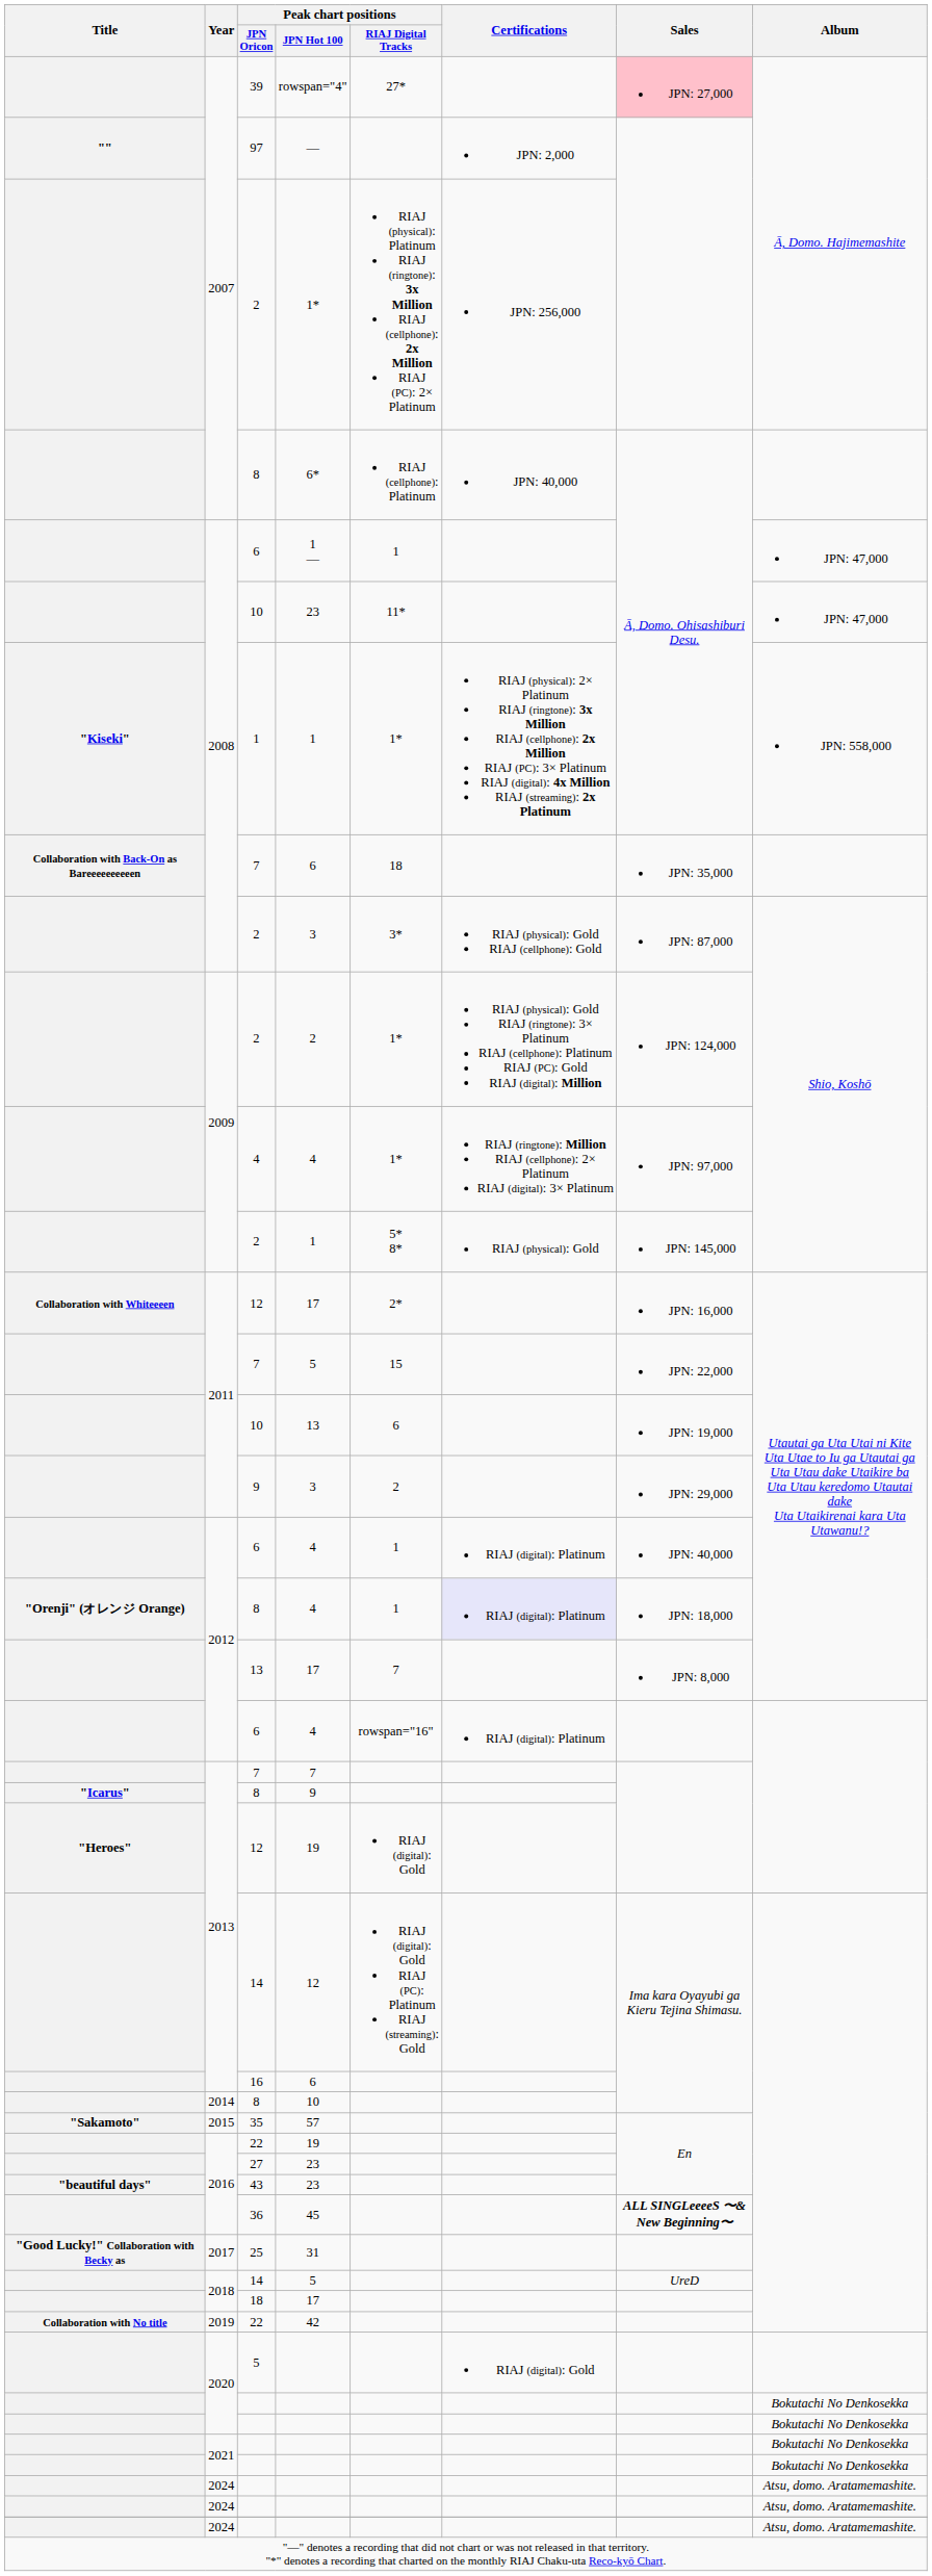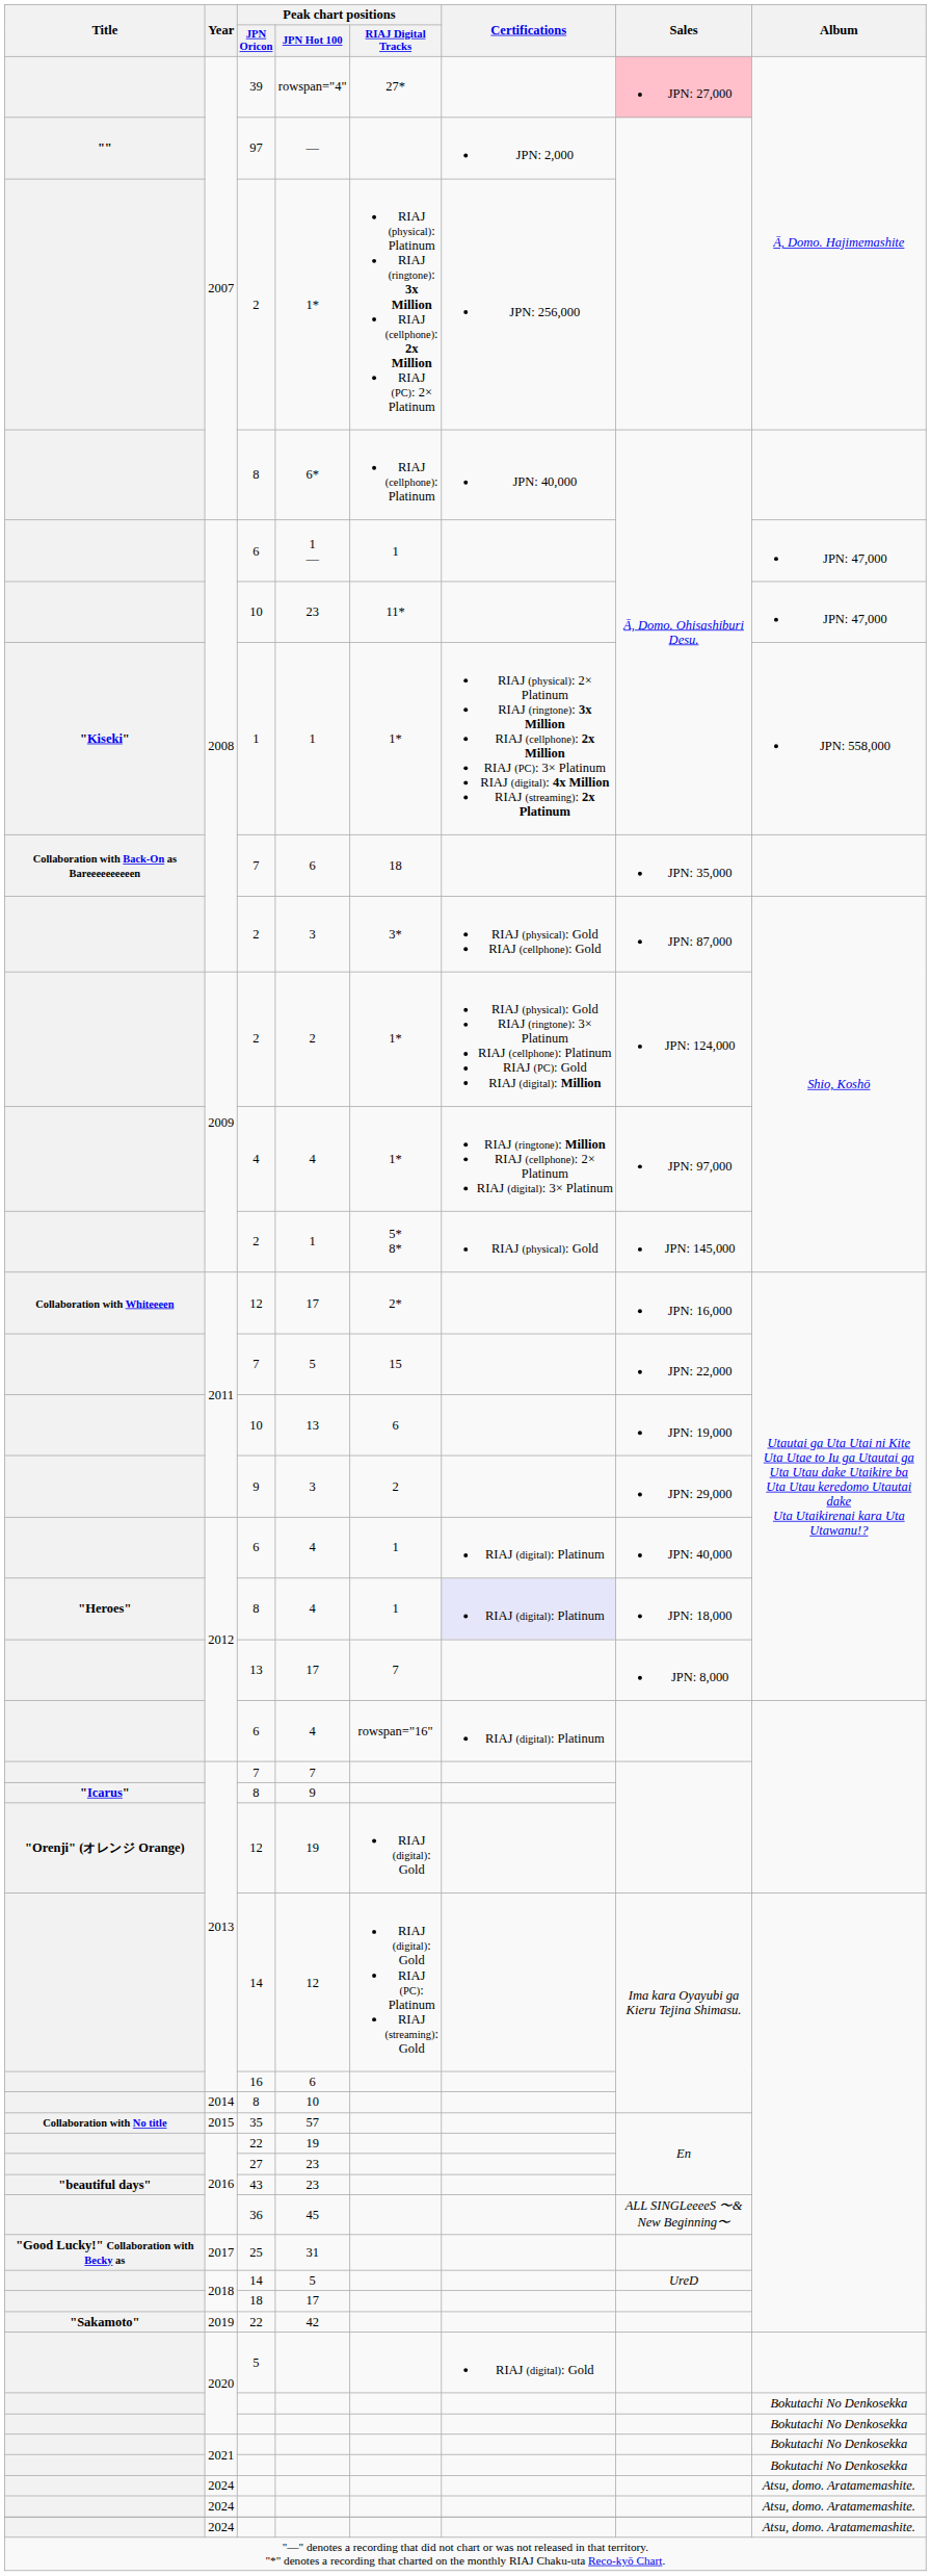 <table class="wikitable plainrowheaders" style="text-align: center;" border="1">
 <tr>
 <th scope="col" rowspan="2" style="width:15em;">Title</th>
 <th scope="col" rowspan="2" style="width:1em;">Year</th>
 <th scope="col" colspan="3">Peak chart positions</th>
 <th scope="col" rowspan="2" style="width:13em;"><a href='#'>Certifications</a><br></th>
 <th scope="col" rowspan="2" style="width:10em;">Sales <br></th>
 <th scope="col" rowspan="2" style="width:13em;">Album</th>
 </tr>
 <tr>
 <th scope="col" style="width:3em;font-size:85%;"><a href='#'>JPN Oricon</a> <br></th>
 <th scope="col" style="width:3em;font-size:85%;"><a href='#'>JPN Hot 100</a>  <br></th>
 <th scope="col" style="width:3em;font-size:85%;"><a href='#'>RIAJ Digital Tracks</a> <br></th>
 </tr>
 <tr>
 <th scope="row"></th>
 <td rowspan="4">2007</td>
 <td>39</td>
 <td>rowspan="4" </td>
 <td>27*</td>
 <td></td>
 <td style="background: pink;"><br><ul><li>JPN: 27,000</li></ul></td>
 <td rowspan="3"><em><a href='#'>Ā, Domo. Hajimemashite</a></em></td>
 </tr>
 <tr>
 <th scope="row">""</th>
 <td>97</td>
 <td>—</td>
 <td></td>
 <td><br><ul><li>JPN: 2,000</li></ul></td>
 </tr>
 <tr>
 <th scope="row"></th>
 <td>2</td>
 <td>1*</td>
 <td><br><ul><li>RIAJ <small>(physical)</small>: Platinum</li><li>RIAJ <small>(ringtone)</small>: <strong>3x Million</strong></li><li>RIAJ <small>(cellphone)</small>: <strong>2x Million</strong></li><li>RIAJ <small>(PC)</small>: 2× Platinum</li></ul></td>
 <td><br><ul><li>JPN: 256,000</li></ul></td>
 </tr>
 <tr>
 <th scope="row"></th>
 <td>8</td>
 <td>6*</td>
 <td><br><ul><li>RIAJ <small>(cellphone)</small>: Platinum</li></ul></td>
 <td><br><ul><li>JPN: 40,000</li></ul></td>
 <td rowspan="4"><em><a href='#'>Ā, Domo. Ohisashiburi Desu.</a></em></td>
 </tr>
 <tr>
 <th scope="row"></th>
 <td rowspan="5">2008</td>
 <td>6</td>
 <td>1<br> —</td>
 <td>1</td>
 <td></td>
 <td><br><ul><li>JPN: 47,000</li></ul></td>
 </tr>
 <tr>
 <th scope="row"></th>
 <td>10</td>
 <td>23</td>
 <td>11*</td>
 <td></td>
 <td><br><ul><li>JPN: 47,000</li></ul></td>
 </tr>
 <tr>
 <th scope="row">"<a href='#'>Kiseki</a>"</th>
 <td>1</td>
 <td>1</td>
 <td>1*</td>
 <td><br><ul><li>RIAJ <small>(physical)</small>: 2× Platinum</li><li>RIAJ <small>(ringtone)</small>: <strong>3x Million</strong></li><li>RIAJ <small>(cellphone)</small>: <strong>2x Million</strong></li><li>RIAJ <small>(PC)</small>: 3× Platinum</li><li>RIAJ <small>(digital)</small>: <strong>4x Million</strong></li><li>RIAJ <small>(streaming)</small>: <strong>2x Platinum</strong></li></ul></td>
 <td><br><ul><li>JPN: 558,000</li></ul></td>
 </tr>
 <tr>
 <th scope="row"> <small>Collaboration with <a href='#'>Back-On</a> as Bareeeeeeeeeen</small></th>
 <td>7</td>
 <td>6</td>
 <td>18</td>
 <td></td>
 <td><br><ul><li>JPN: 35,000</li></ul></td>
 <td></td>
 </tr>
 <tr>
 <th scope="row"></th>
 <td>2</td>
 <td>3</td>
 <td>3*</td>
 <td><br><ul><li>RIAJ <small>(physical)</small>: Gold</li><li>RIAJ <small>(cellphone)</small>: Gold</li></ul></td>
 <td><br><ul><li>JPN: 87,000</li></ul></td>
 <td rowspan="4"><em><a href='#'>Shio, Koshō</a></em></td>
 </tr>
 <tr>
 <th scope="row"></th>
 <td rowspan="3">2009</td>
 <td>2</td>
 <td>2</td>
 <td>1*</td>
 <td><br><ul><li>RIAJ <small>(physical)</small>: Gold</li><li>RIAJ <small>(ringtone)</small>: 3× Platinum</li><li>RIAJ <small>(cellphone)</small>: Platinum</li><li>RIAJ <small>(PC)</small>: Gold</li><li>RIAJ <small>(digital)</small>: <strong>Million</strong></li></ul></td>
 <td><br><ul><li>JPN: 124,000</li></ul></td>
 </tr>
 <tr>
 <th scope="row"></th>
 <td>4</td>
 <td>4</td>
 <td>1*</td>
 <td><br><ul><li>RIAJ <small>(ringtone)</small>: <strong>Million</strong></li><li>RIAJ <small>(cellphone)</small>: 2× Platinum</li><li>RIAJ <small>(digital)</small>: 3× Platinum</li></ul></td>
 <td><br><ul><li>JPN: 97,000</li></ul></td>
 </tr>
 <tr>
 <th scope="row"></th>
 <td>2</td>
 <td>1</td>
 <td>5*<br> 8*</td>
 <td><br><ul><li>RIAJ <small>(physical)</small>: Gold</li></ul></td>
 <td><br><ul><li>JPN: 145,000</li></ul></td>
 </tr>
 <tr>
 <th scope="row"><small> Collaboration with <a href='#'>Whiteeeen</a></small></th>
 <td rowspan="4">2011</td>
 <td>12</td>
 <td>17</td>
 <td>2*</td>
 <td></td>
 <td><br><ul><li>JPN: 16,000</li></ul></td>
 <td rowspan="7"><em><a href='#'>Utautai ga Uta Utai ni Kite<br> Uta Utae to Iu ga Utautai ga<br> Uta Utau dake Utaikire ba<br> Uta Utau keredomo Utautai dake<br> Uta Utaikirenai kara Uta Utawanu!?</a></em></td>
 </tr>
 <tr>
 <th scope="row"></th>
 <td>7</td>
 <td>5</td>
 <td>15</td>
 <td></td>
 <td><br><ul><li>JPN: 22,000</li></ul></td>
 </tr>
 <tr>
 <th scope="row"></th>
 <td>10</td>
 <td>13</td>
 <td>6</td>
 <td></td>
 <td><br><ul><li>JPN: 19,000</li></ul></td>
 </tr>
 <tr>
 <th scope="row"></th>
 <td>9</td>
 <td>3</td>
 <td>2</td>
 <td></td>
 <td><br><ul><li>JPN: 29,000</li></ul></td>
 </tr>
 <tr>
 <th scope="row"></th>
 <td rowspan="4">2012</td>
 <td>6</td>
 <td>4</td>
 <td>1</td>
 <td><br><ul><li>RIAJ <small>(digital)</small>: Platinum</li></ul></td>
 <td><br><ul><li>JPN: 40,000</li></ul></td>
 </tr>
 <tr>
-<th scope="row">"Orenji" (オレンジ Orange)</th>
+<th scope="row">"Heroes"</th>
 <td>8</td>
 <td>4</td>
 <td>1</td>
 <td style="background: lavender;"><br><ul><li>RIAJ <small>(digital)</small>: Platinum</li></ul></td>
 <td><br><ul><li>JPN: 18,000</li></ul></td>
 </tr>
 <tr>
 <th scope="row"></th>
 <td>13</td>
 <td>17</td>
 <td>7</td>
 <td></td>
 <td><br><ul><li>JPN: 8,000</li></ul></td>
 </tr>
 <tr>
 <th scope="row"></th>
 <td>6</td>
 <td>4</td>
 <td>rowspan="16" </td>
 <td><br><ul><li>RIAJ <small>(digital)</small>: Platinum</li></ul></td>
 <td></td>
 <td rowspan="4"><em></em></td>
 </tr>
 <tr>
 <th scope="row"></th>
 <td rowspan="5">2013</td>
 <td>7</td>
 <td>7</td>
 <td></td>
 <td></td>
 </tr>
 <tr>
 <th scope="row">"<a href='#'>Icarus</a>"</th>
 <td>8</td>
 <td>9</td>
 <td></td>
 <td></td>
 </tr>
 <tr>
-<th scope="row">"Heroes"</th>
+<th scope="row">"Orenji" (オレンジ Orange)</th>
 <td>12</td>
 <td>19</td>
 <td><br><ul><li>RIAJ <small>(digital)</small>: Gold</li></ul></td>
 <td></td>
 </tr>
 <tr>
 <th scope="row"></th>
 <td>14</td>
 <td>12</td>
 <td><br><ul><li>RIAJ <small>(digital)</small>: Gold</li><li>RIAJ <small>(PC)</small>: Platinum</li><li>RIAJ <small>(streaming)</small>: Gold</li></ul></td>
 <td></td>
 <td rowspan="3"><em>Ima kara Oyayubi ga Kieru Tejina Shimasu.</em></td>
 </tr>
 <tr>
 <th scope="row"></th>
 <td>16</td>
 <td>6</td>
 <td></td>
 <td></td>
 </tr>
 <tr>
 <th scope="row"></th>
 <td>2014</td>
 <td>8</td>
 <td>10</td>
 <td></td>
 <td></td>
 </tr>
 <tr>
-<th scope="row">"Sakamoto"</th>
+<th scope="row"> <small> Collaboration with <a href='#'>No title</a></small></th>
 <td>2015</td>
 <td>35</td>
 <td>57</td>
 <td></td>
 <td></td>
 <td rowspan="4"><em>En</em></td>
 </tr>
 <tr>
 <th scope="row"></th>
 <td rowspan="4">2016</td>
 <td>22</td>
 <td>19</td>
 <td></td>
 <td></td>
 </tr>
 <tr>
 <th scope="row"></th>
 <td>27</td>
 <td>23</td>
 <td></td>
 <td></td>
 </tr>
 <tr>
 <th scope="row">"beautiful days"</th>
 <td>43</td>
 <td>23</td>
 <td></td>
 <td></td>
 </tr>
 <tr>
 <th scope="row"></th>
 <td>36</td>
 <td>45</td>
 <td></td>
 <td></td>
-<td><strong><em>ALL SINGLeeeeS 〜& New Beginning〜</em></strong></td>
+<td><em>ALL SINGLeeeeS 〜& New Beginning〜</em></td>
 </tr>
 <tr>
 <th scope="row">"Good Lucky!" <small>Collaboration with <a href='#'>Becky</a> as </small></th>
 <td>2017</td>
 <td>25</td>
 <td>31</td>
 <td></td>
 <td></td>
 <td></td>
 </tr>
 <tr>
 <th scope="row"></th>
 <td rowspan="2">2018</td>
 <td>14</td>
 <td>5</td>
 <td></td>
 <td></td>
 <td><em>UreD</em></td>
 </tr>
 <tr>
 <th scope="row"></th>
 <td>18</td>
 <td>17</td>
 <td></td>
 <td></td>
 <td></td>
 </tr>
 <tr>
-<th scope="row"> <small> Collaboration with <a href='#'>No title</a></small></th>
+<th scope="row">"Sakamoto"</th>
 <td>2019</td>
 <td>22</td>
 <td>42</td>
 <td></td>
 <td></td>
 <td></td>
 </tr>
 <tr>
 <th scope="row"></th>
 <td rowspan="3">2020</td>
 <td>5</td>
 <td></td>
 <td></td>
 <td><br><ul><li>RIAJ <small>(digital)</small>: Gold</li></ul></td>
 <td></td>
 <td></td>
 </tr>
 <tr>
 <th scope="row"></th>
 <td></td>
 <td></td>
 <td></td>
 <td></td>
 <td></td>
 <td><em>Bokutachi No Denkosekka</em></td>
 </tr>
 <tr>
 <th scope="row"></th>
 <td></td>
 <td></td>
 <td></td>
 <td></td>
 <td></td>
 <td><em>Bokutachi No Denkosekka</em></td>
 </tr>
 <tr>
 <th scope="row"></th>
 <td rowspan="2">2021</td>
 <td></td>
 <td></td>
 <td></td>
 <td></td>
 <td></td>
 <td><em>Bokutachi No Denkosekka</em></td>
 </tr>
 <tr>
 <th scope="row"></th>
 <td></td>
 <td></td>
 <td></td>
 <td></td>
 <td></td>
 <td><em>Bokutachi No Denkosekka</em></td>
 </tr>
 <tr>
 <th scope="row"></th>
 <td rowspan="1">2024</td>
 <td></td>
 <td></td>
 <td></td>
 <td></td>
 <td></td>
 <td><em>Atsu, domo. Aratamemashite.</em></td>
 </tr>
 <tr>
 <th scope="row"></th>
 <td rowspan="1">2024</td>
 <td></td>
 <td></td>
 <td></td>
 <td></td>
 <td></td>
 <td><em>Atsu, domo. Aratamemashite.</em></td>
 </tr>
 <tr>
 </tr>
 <tr>
 <th scope="row"></th>
 <td rowspan="1">2024</td>
 <td></td>
 <td></td>
 <td></td>
 <td></td>
 <td></td>
 <td><em>Atsu, domo. Aratamemashite.</em></td>
 </tr>
 <tr>
 <td colspan="8" style="font-size:90%">"—" denotes a recording that did not chart or was not released in that territory.<br> "*" denotes a recording that charted on the monthly RIAJ Chaku-uta <a href='#'>Reco-kyō Chart</a>.</td>
 </tr>
 </table>
